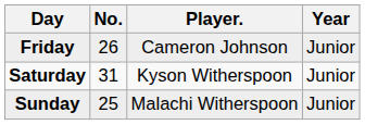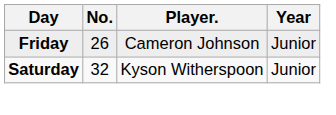 <table class="wikitable non-sortable">
 <tr>
 <th style="text-align:center; ">Day</th>
 <th style="text-align:center; ">No.</th>
 <th style="text-align:center; ">Player.</th>
 <th style="text-align:center; ">Year</th>
 </tr>
 <tr style="background:#eeeeee;text-align:center;">
 <td><strong>Friday</strong></td>
 <td>26</td>
 <td>Cameron Johnson</td>
 <td>Junior</td>
 </tr>
 <tr style="text-align:center;">
 <td><strong>Saturday</strong></td>
-<td>31</td>
+<td>32</td>
 <td>Kyson Witherspoon</td>
 <td>Junior</td>
 </tr>
-<tr style="background:#eeeeee;text-align:center;">
-<td><strong>Sunday</strong></td>
-<td>25</td>
-<td>Malachi Witherspoon</td>
-<td>Junior</td>
-</tr>
 </table>
